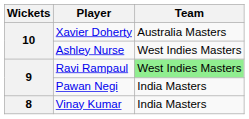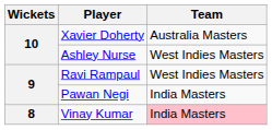 <table class="wikitable">
 <tr>
 <th>Wickets</th>
 <th>Player</th>
 <th>Team</th>
 </tr>
 <tr>
 <th rowspan="2">10</th>
 <td><a href='#'>Xavier Doherty</a></td>
 <td>Australia Masters</td>
 </tr>
 <tr>
 <td><a href='#'>Ashley Nurse</a></td>
 <td>West Indies Masters</td>
 </tr>
 <tr>
 <th rowspan="2">9</th>
 <td><a href='#'>Ravi Rampaul</a></td>
-<td style="background: lightgreen;">West Indies Masters</td>
+<td>West Indies Masters</td>
 </tr>
 <tr>
 <td><a href='#'>Pawan Negi</a></td>
 <td>India Masters</td>
 </tr>
 <tr>
 <th>8</th>
 <td><a href='#'>Vinay Kumar</a></td>
-<td>India Masters</td>
+<td style="background: pink;">India Masters</td>
 </tr>
 </table>
